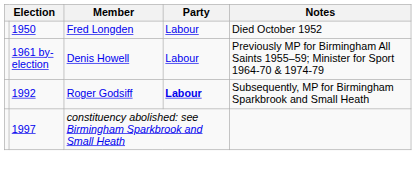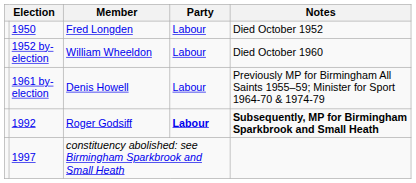 <table class="wikitable">
 <tr>
 <th colspan="2">Election</th>
 <th>Member</th>
 <th>Party</th>
 <th>Notes</th>
 </tr>
 <tr>
 <td style="color:inherit;background-color: "></td>
 <td><a href='#'>1950</a></td>
 <td><a href='#'>Fred Longden</a></td>
 <td><a href='#'>Labour</a></td>
 <td>Died October 1952</td>
 </tr>
 <tr>
 <td style="color:inherit;background-color: "></td>
+<td><a href='#'>1952 by-election</a></td>
+<td><a href='#'>William Wheeldon</a></td>
+<td><a href='#'>Labour</a></td>
+<td>Died October 1960</td>
+</tr>
+<tr>
+<td style="color:inherit;background-color: "></td>
 <td><a href='#'>1961 by-election</a></td>
 <td><a href='#'>Denis Howell</a></td>
 <td><a href='#'>Labour</a></td>
 <td>Previously MP for Birmingham All Saints 1955–59; Minister for Sport 1964-70 & 1974-79</td>
 </tr>
 <tr>
 <td style="color:inherit;background-color: "></td>
 <td><a href='#'>1992</a></td>
 <td><a href='#'>Roger Godsiff</a></td>
 <td><strong><a href='#'>Labour</a></strong></td>
-<td>Subsequently, MP for Birmingham Sparkbrook and Small Heath</td>
+<td><strong>Subsequently, MP for Birmingham Sparkbrook and Small Heath</strong></td>
 </tr>
 <tr>
 <td></td>
 <td><a href='#'>1997</a></td>
 <td colspan="2"><em>constituency abolished: see <a href='#'>Birmingham Sparkbrook and Small Heath</a></em></td>
 </tr>
 </table>
